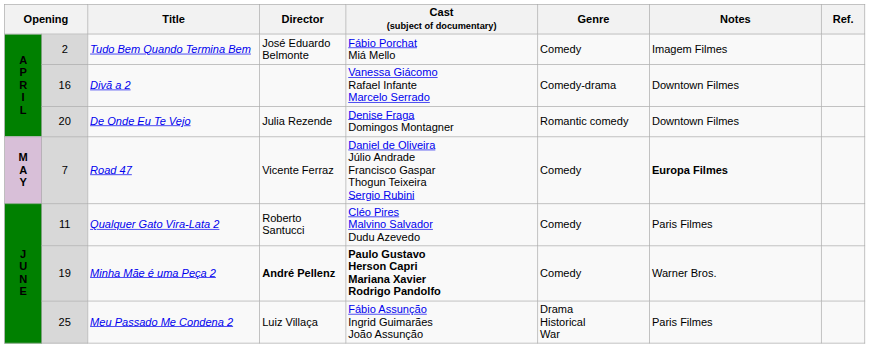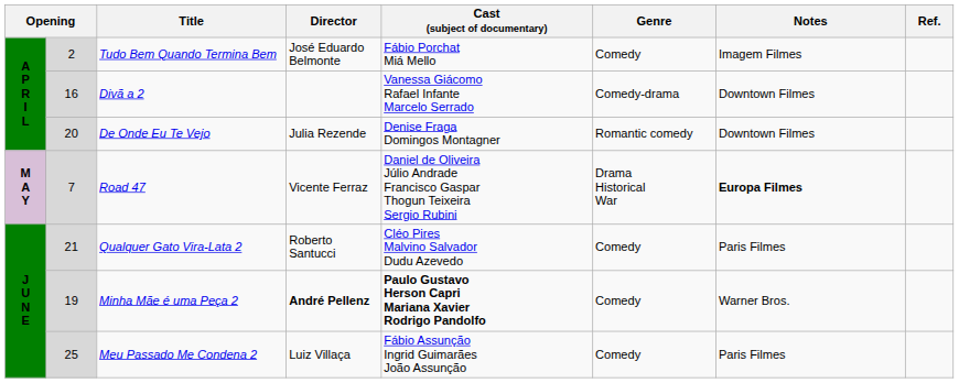 <table class="wikitable">
 <tr>
 <th colspan="2">Opening</th>
 <th style="width:20%;">Title</th>
 <th style="width:10%;">Director</th>
 <th>Cast<br><small>(subject of documentary)</small></th>
 <th style="width:13%">Genre</th>
 <th style="width:20%">Notes</th>
 <th>Ref.</th>
 </tr>
 <tr>
 <td rowspan=3 style="text-align:center; background:green; textcolor:#000;"><strong>A<br>P<br>R<br>I<br>L<br></strong></td>
 <td style="text-align:center; background:#d8d8d8; textcolor:#000;">2</td>
 <td><em><a href='#'>Tudo Bem Quando Termina Bem</a></em></td>
 <td>José Eduardo Belmonte</td>
 <td><a href='#'>Fábio Porchat</a><br>Miá Mello</td>
 <td>Comedy</td>
 <td>Imagem Filmes</td>
 <td></td>
 </tr>
 <tr>
 <td style="text-align:center; background:#d8d8d8; textcolor:#000;">16</td>
 <td><em><a href='#'>Divã a 2</a></em></td>
 <td></td>
 <td><a href='#'>Vanessa Giácomo</a><br>Rafael Infante<br><a href='#'>Marcelo Serrado</a></td>
 <td>Comedy-drama</td>
 <td>Downtown Filmes</td>
 <td></td>
 </tr>
 <tr>
 <td style="text-align:center; background:#d8d8d8; textcolor:#000;">20</td>
 <td><em><a href='#'>De Onde Eu Te Vejo</a></em></td>
 <td>Julia Rezende</td>
 <td><a href='#'>Denise Fraga</a><br>Domingos Montagner</td>
 <td>Romantic comedy</td>
 <td>Downtown Filmes</td>
 <td></td>
 </tr>
 <tr>
 <td style="text-align:center; background:thistle; textcolor:#000;"><strong>M<br>A<br>Y<br></strong></td>
 <td style="text-align:center; background:#d8d8d8; textcolor:#000;">7</td>
 <td><em><a href='#'>Road 47</a></em></td>
 <td>Vicente Ferraz</td>
 <td><a href='#'>Daniel de Oliveira</a><br>Júlio Andrade<br>Francisco Gaspar<br>Thogun Teixeira<br><a href='#'>Sergio Rubini</a></td>
-<td>Comedy</td>
+<td>Drama<br>Historical<br>War</td>
 <td><strong>Europa Filmes</strong></td>
 <td></td>
 </tr>
 <tr>
 <td rowspan=3 style="text-align:center; background:green; textcolor:#000;"><strong>J<br>U<br>N<br>E<br></strong></td>
-<td style="text-align:center; background:#d8d8d8; textcolor:#000;">11</td>
+<td style="text-align:center; background:#d8d8d8; textcolor:#000;">21</td>
 <td><em><a href='#'>Qualquer Gato Vira-Lata 2</a></em></td>
 <td>Roberto Santucci</td>
 <td><a href='#'>Cléo Pires</a><br><a href='#'>Malvino Salvador</a><br>Dudu Azevedo</td>
 <td>Comedy</td>
 <td>Paris Filmes</td>
 <td></td>
 </tr>
 <tr>
 <td style="text-align:center; background:#d8d8d8; textcolor:#000;">19</td>
 <td><em><a href='#'>Minha Mãe é uma Peça 2</a></em></td>
 <td><strong>André Pellenz</strong></td>
 <td><strong>Paulo Gustavo<br>Herson Capri<br>Mariana Xavier<br>Rodrigo Pandolfo</strong></td>
 <td>Comedy</td>
 <td>Warner Bros.</td>
 <td></td>
 </tr>
 <tr>
 <td style="text-align:center; background:#d8d8d8; textcolor:#000;">25</td>
 <td><em><a href='#'>Meu Passado Me Condena 2</a></em></td>
 <td>Luiz Villaça</td>
 <td><a href='#'>Fábio Assunção</a><br>Ingrid Guimarães<br>João Assunção</td>
-<td>Drama<br>Historical<br>War</td>
+<td>Comedy</td>
 <td>Paris Filmes</td>
 <td></td>
 </tr>
 </table>
